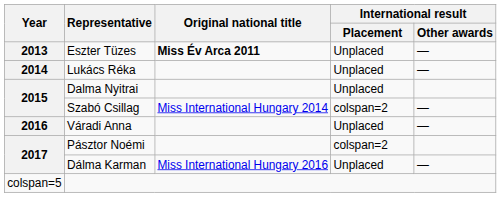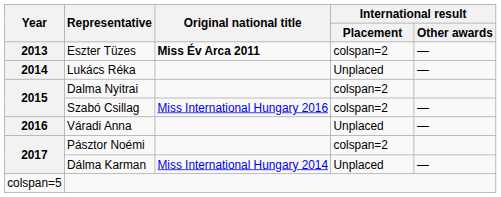 <table class="wikitable defaultcenter col2left" style="font-size:95%;">
 <tr>
 <th rowspan=2>Year</th>
 <th rowspan=2>Representative</th>
 <th rowspan=2>Original national title</th>
 <th colspan=2>International result</th>
 </tr>
 <tr>
 <th width=100px>Placement</th>
 <th>Other awards</th>
 </tr>
 <tr>
 <th>2013</th>
 <td>Eszter Tüzes</td>
 <td><strong>Miss Év Arca 2011</strong></td>
-<td>Unplaced</td>
+<td>colspan=2 </td>
 <td>—</td>
 </tr>
 <tr>
 <th>2014</th>
 <td>Lukács Réka</td>
 <td></td>
 <td>Unplaced</td>
 <td>—</td>
 </tr>
 <tr>
 <th rowspan=2>2015</th>
 <td>Dalma Nyitrai</td>
 <td></td>
-<td>Unplaced</td>
+<td>colspan=2 </td>
 </tr>
 <tr>
 <td>Szabó Csillag</td>
-<td><a href='#'>Miss International Hungary 2014</a></td>
+<td><a href='#'>Miss International Hungary 2016</a></td>
 <td>colspan=2 </td>
 <td>—</td>
 </tr>
 <tr>
 <th>2016</th>
 <td>Váradi Anna</td>
 <td></td>
 <td>Unplaced</td>
 <td>—</td>
 </tr>
 <tr>
 <th rowspan=2>2017</th>
 <td>Pásztor Noémi</td>
 <td></td>
 <td>colspan=2 </td>
 </tr>
 <tr>
 <td>Dálma Karman</td>
-<td><a href='#'>Miss International Hungary 2016</a></td>
+<td><a href='#'>Miss International Hungary 2014</a></td>
 <td>Unplaced</td>
 <td>—</td>
 </tr>
 <tr>
 <td>colspan=5 </td>
 </tr>
 </table>
